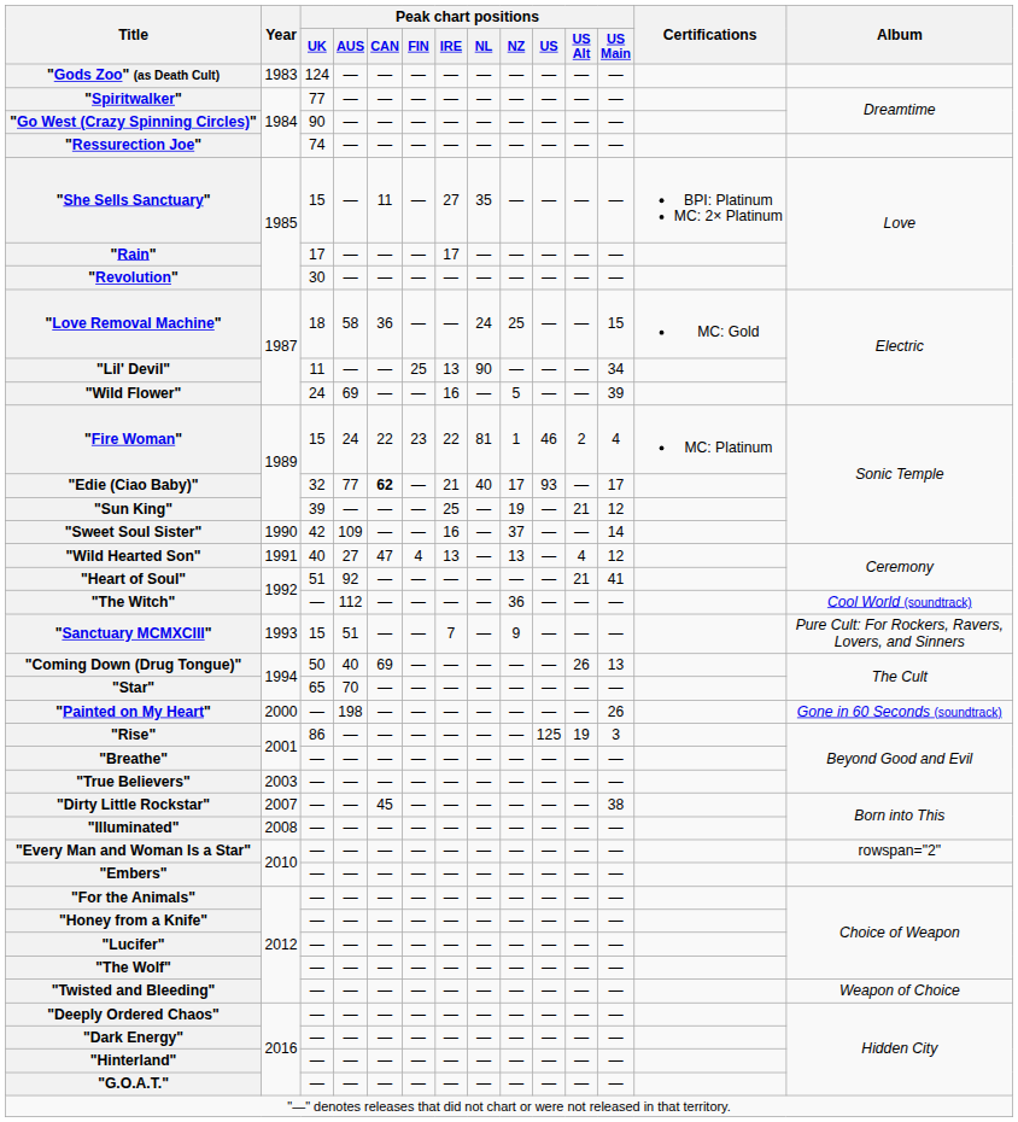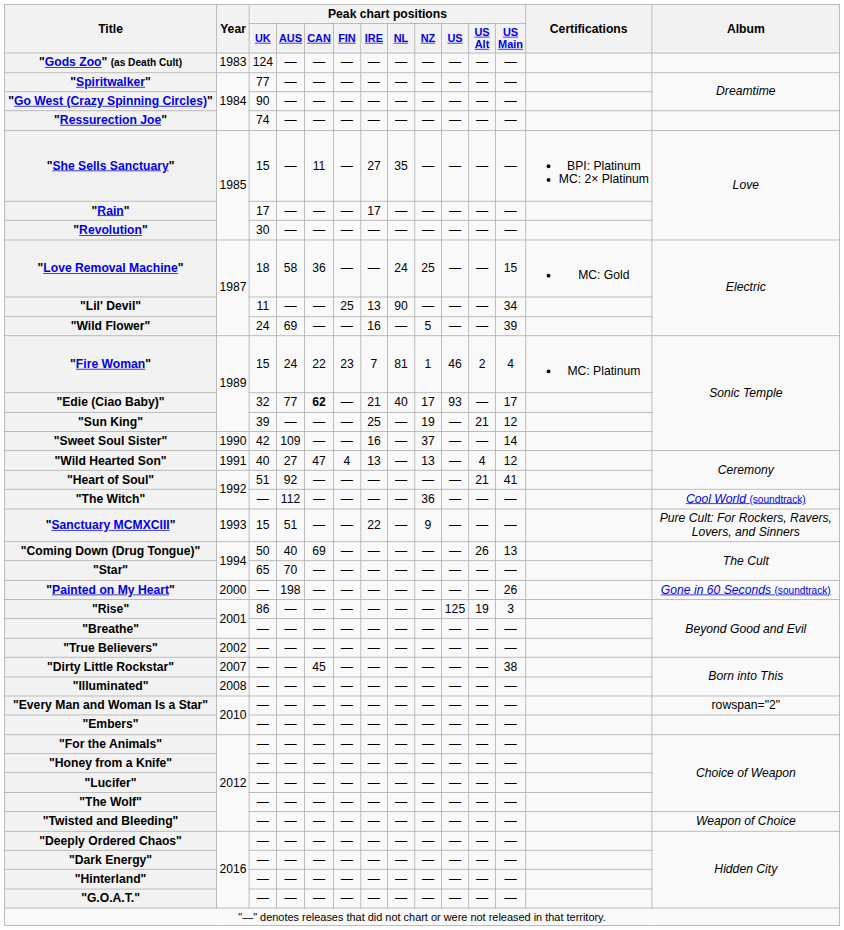 <table class="wikitable plainrowheaders" style="text-align:center;">
 <tr>
 <th rowspan="2" scope="col" style="width:17em;">Title</th>
 <th rowspan="2" scope="col" style="width:2em;">Year</th>
 <th colspan="10">Peak chart positions</th>
 <th rowspan="2">Certifications</th>
 <th rowspan="2"  style="width:15em;">Album</th>
 </tr>
 <tr>
 <th scope="col" style="width:2em;font-size:90%;"><a href='#'>UK</a><br></th>
 <th scope="col" style="width:2em;font-size:90%;"><a href='#'>AUS</a><br></th>
 <th scope="col" style="width:2em;font-size:90%;"><a href='#'>CAN</a><br></th>
 <th scope="col" style="width:2em;font-size:90%;"><a href='#'>FIN</a><br></th>
 <th scope="col" style="width:2em;font-size:90%;"><a href='#'>IRE</a><br></th>
 <th scope="col" style="width:2em;font-size:90%;"><a href='#'>NL</a><br></th>
 <th scope="col" style="width:2em;font-size:90%;"><a href='#'>NZ</a><br></th>
 <th scope="col" style="width:2em;font-size:90%;"><a href='#'>US</a><br></th>
 <th scope="col" style="width:2em;font-size:90%;"><a href='#'>US Alt</a><br></th>
 <th scope="col" style="width:2em;font-size:90%;"><a href='#'>US Main</a><br></th>
 </tr>
 <tr>
 <th scope="row">"<a href='#'>Gods Zoo</a>" <small>(as Death Cult)</small></th>
 <td>1983</td>
 <td>124</td>
 <td>—</td>
 <td>—</td>
 <td>—</td>
 <td>—</td>
 <td>—</td>
 <td>—</td>
 <td>—</td>
 <td>—</td>
 <td>—</td>
 <td></td>
 <td></td>
 </tr>
 <tr>
 <th scope="row">"<a href='#'>Spiritwalker</a>"</th>
 <td rowspan="3">1984</td>
 <td>77</td>
 <td>—</td>
 <td>—</td>
 <td>—</td>
 <td>—</td>
 <td>—</td>
 <td>—</td>
 <td>—</td>
 <td>—</td>
 <td>—</td>
 <td></td>
 <td rowspan="2"><em>Dreamtime</em></td>
 </tr>
 <tr>
 <th scope="row">"<a href='#'>Go West (Crazy Spinning Circles)</a>"</th>
 <td>90</td>
 <td>—</td>
 <td>—</td>
 <td>—</td>
 <td>—</td>
 <td>—</td>
 <td>—</td>
 <td>—</td>
 <td>—</td>
 <td>—</td>
 <td></td>
 </tr>
 <tr>
 <th scope="row">"<a href='#'>Ressurection Joe</a>"</th>
 <td>74</td>
 <td>—</td>
 <td>—</td>
 <td>—</td>
 <td>—</td>
 <td>—</td>
 <td>—</td>
 <td>—</td>
 <td>—</td>
 <td>—</td>
 <td></td>
 <td></td>
 </tr>
 <tr>
 <th scope="row">"<a href='#'>She Sells Sanctuary</a>"</th>
 <td rowspan="3">1985</td>
 <td>15</td>
 <td>—</td>
 <td>11</td>
 <td>—</td>
 <td>27</td>
 <td>35</td>
 <td>—</td>
 <td>—</td>
 <td>—</td>
 <td>—</td>
 <td><br><ul><li>BPI: Platinum</li><li>MC: 2× Platinum</li></ul></td>
 <td rowspan="3"><em>Love</em></td>
 </tr>
 <tr>
 <th scope="row">"<a href='#'>Rain</a>"</th>
 <td>17</td>
 <td>—</td>
 <td>—</td>
 <td>—</td>
 <td>17</td>
 <td>—</td>
 <td>—</td>
 <td>—</td>
 <td>—</td>
 <td>—</td>
 <td></td>
 </tr>
 <tr>
 <th scope="row">"<a href='#'>Revolution</a>"</th>
 <td>30</td>
 <td>—</td>
 <td>—</td>
 <td>—</td>
 <td>—</td>
 <td>—</td>
 <td>—</td>
 <td>—</td>
 <td>—</td>
 <td>—</td>
 <td></td>
 </tr>
 <tr>
 <th scope="row">"<a href='#'>Love Removal Machine</a>"</th>
 <td rowspan="3">1987</td>
 <td>18</td>
 <td>58</td>
 <td>36</td>
 <td>—</td>
 <td>—</td>
 <td>24</td>
 <td>25</td>
 <td>—</td>
 <td>—</td>
 <td>15</td>
 <td><br><ul><li>MC: Gold</li></ul></td>
 <td rowspan="3"><em>Electric</em></td>
 </tr>
 <tr>
 <th scope="row">"Lil' Devil"</th>
 <td>11</td>
 <td>—</td>
 <td>—</td>
 <td>25</td>
 <td>13</td>
 <td>90</td>
 <td>—</td>
 <td>—</td>
 <td>—</td>
 <td>34</td>
 <td></td>
 </tr>
 <tr>
 <th scope="row">"Wild Flower"</th>
 <td>24</td>
 <td>69</td>
 <td>—</td>
 <td>—</td>
 <td>16</td>
 <td>—</td>
 <td>5</td>
 <td>—</td>
 <td>—</td>
 <td>39</td>
 <td></td>
 </tr>
 <tr>
 <th scope="row">"<a href='#'>Fire Woman</a>"</th>
 <td rowspan="3">1989</td>
 <td>15</td>
 <td>24</td>
 <td>22</td>
 <td>23</td>
-<td>22</td>
+<td>7</td>
 <td>81</td>
 <td>1</td>
 <td>46</td>
 <td>2</td>
 <td>4</td>
 <td><br><ul><li>MC: Platinum</li></ul></td>
 <td rowspan="4"><em>Sonic Temple</em></td>
 </tr>
 <tr>
 <th scope="row">"Edie (Ciao Baby)"</th>
 <td>32</td>
 <td>77</td>
 <td><strong>62</strong></td>
 <td>—</td>
 <td>21</td>
 <td>40</td>
 <td>17</td>
 <td>93</td>
 <td>—</td>
 <td>17</td>
 <td></td>
 </tr>
 <tr>
 <th scope="row">"Sun King"</th>
 <td>39</td>
 <td>—</td>
 <td>—</td>
 <td>—</td>
 <td>25</td>
 <td>—</td>
 <td>19</td>
 <td>—</td>
 <td>21</td>
 <td>12</td>
 <td></td>
 </tr>
 <tr>
 <th scope="row">"Sweet Soul Sister"</th>
 <td>1990</td>
 <td>42</td>
 <td>109</td>
 <td>—</td>
 <td>—</td>
 <td>16</td>
 <td>—</td>
 <td>37</td>
 <td>—</td>
 <td>—</td>
 <td>14</td>
 <td></td>
 </tr>
 <tr>
 <th scope="row">"Wild Hearted Son"</th>
 <td>1991</td>
 <td>40</td>
 <td>27</td>
 <td>47</td>
 <td>4</td>
 <td>13</td>
 <td>—</td>
 <td>13</td>
 <td>—</td>
 <td>4</td>
 <td>12</td>
 <td></td>
 <td rowspan="2"><em>Ceremony</em></td>
 </tr>
 <tr>
 <th scope="row">"Heart of Soul"</th>
 <td rowspan="2">1992</td>
 <td>51</td>
 <td>92</td>
 <td>—</td>
 <td>—</td>
 <td>—</td>
 <td>—</td>
 <td>—</td>
 <td>—</td>
 <td>21</td>
 <td>41</td>
 <td></td>
 </tr>
 <tr>
 <th scope="row">"The Witch"</th>
 <td>—</td>
 <td>112</td>
 <td>—</td>
 <td>—</td>
 <td>—</td>
 <td>—</td>
 <td>36</td>
 <td>—</td>
 <td>—</td>
 <td>—</td>
 <td></td>
 <td><a href='#'><em>Cool World</em> <small>(soundtrack)</small></a></td>
 </tr>
 <tr>
 <th scope="row">"<a href='#'>Sanctuary MCMXCIII</a>"</th>
 <td>1993</td>
 <td>15</td>
 <td>51</td>
 <td>—</td>
 <td>—</td>
-<td>7</td>
+<td>22</td>
 <td>—</td>
 <td>9</td>
 <td>—</td>
 <td>—</td>
 <td>—</td>
 <td></td>
 <td><em>Pure Cult: For Rockers, Ravers, Lovers, and Sinners</em></td>
 </tr>
 <tr>
 <th scope="row">"Coming Down (Drug Tongue)"</th>
 <td rowspan="2">1994</td>
 <td>50</td>
 <td>40</td>
 <td>69</td>
 <td>—</td>
 <td>—</td>
 <td>—</td>
 <td>—</td>
 <td>—</td>
 <td>26</td>
 <td>13</td>
 <td></td>
 <td rowspan="2"><em>The Cult</em></td>
 </tr>
 <tr>
 <th scope="row">"Star"</th>
 <td>65</td>
 <td>70</td>
 <td>—</td>
 <td>—</td>
 <td>—</td>
 <td>—</td>
 <td>—</td>
 <td>—</td>
 <td>—</td>
 <td>—</td>
 <td></td>
 </tr>
 <tr>
 <th scope="row">"<a href='#'>Painted on My Heart</a>"</th>
 <td>2000</td>
 <td>—</td>
 <td>198</td>
 <td>—</td>
 <td>—</td>
 <td>—</td>
 <td>—</td>
 <td>—</td>
 <td>—</td>
 <td>—</td>
 <td>26</td>
 <td></td>
 <td><a href='#'><em>Gone in 60 Seconds</em> <small>(soundtrack)</small></a></td>
 </tr>
 <tr>
 <th scope="row">"Rise"</th>
 <td rowspan="2">2001</td>
 <td>86</td>
 <td>—</td>
 <td>—</td>
 <td>—</td>
 <td>—</td>
 <td>—</td>
 <td>—</td>
 <td>125</td>
 <td>19</td>
 <td>3</td>
 <td></td>
 <td rowspan="3"><em>Beyond Good and Evil</em></td>
 </tr>
 <tr>
 <th scope="row">"Breathe"</th>
 <td>—</td>
 <td>—</td>
 <td>—</td>
 <td>—</td>
 <td>—</td>
 <td>—</td>
 <td>—</td>
 <td>—</td>
 <td>—</td>
 <td>—</td>
 <td></td>
 </tr>
 <tr>
 <th scope="row">"True Believers"</th>
-<td>2003</td>
+<td>2002</td>
 <td>—</td>
 <td>—</td>
 <td>—</td>
 <td>—</td>
 <td>—</td>
 <td>—</td>
 <td>—</td>
 <td>—</td>
 <td>—</td>
 <td>—</td>
 <td></td>
 </tr>
 <tr>
 <th scope="row">"Dirty Little Rockstar"</th>
 <td>2007</td>
 <td>—</td>
 <td>—</td>
 <td>45</td>
 <td>—</td>
 <td>—</td>
 <td>—</td>
 <td>—</td>
 <td>—</td>
 <td>—</td>
 <td>38</td>
 <td></td>
 <td rowspan="2"><em>Born into This</em></td>
 </tr>
 <tr>
 <th scope="row">"Illuminated"</th>
 <td>2008</td>
 <td>—</td>
 <td>—</td>
 <td>—</td>
 <td>—</td>
 <td>—</td>
 <td>—</td>
 <td>—</td>
 <td>—</td>
 <td>—</td>
 <td>—</td>
 <td></td>
 </tr>
 <tr>
 <th scope="row">"Every Man and Woman Is a Star"</th>
 <td rowspan="2">2010</td>
 <td>—</td>
 <td>—</td>
 <td>—</td>
 <td>—</td>
 <td>—</td>
 <td>—</td>
 <td>—</td>
 <td>—</td>
 <td>—</td>
 <td>—</td>
 <td></td>
 <td>rowspan="2" </td>
 </tr>
 <tr>
 <th scope="row">"Embers"</th>
 <td>—</td>
 <td>—</td>
 <td>—</td>
 <td>—</td>
 <td>—</td>
 <td>—</td>
 <td>—</td>
 <td>—</td>
 <td>—</td>
 <td>—</td>
 <td></td>
 </tr>
 <tr>
 <th scope="row">"For the Animals"</th>
 <td rowspan="5">2012</td>
 <td>—</td>
 <td>—</td>
 <td>—</td>
 <td>—</td>
 <td>—</td>
 <td>—</td>
 <td>—</td>
 <td>—</td>
 <td>—</td>
 <td>—</td>
 <td></td>
 <td rowspan="4"><em>Choice of Weapon</em></td>
 </tr>
 <tr>
 <th scope="row">"Honey from a Knife"</th>
 <td>—</td>
 <td>—</td>
 <td>—</td>
 <td>—</td>
 <td>—</td>
 <td>—</td>
 <td>—</td>
 <td>—</td>
 <td>—</td>
 <td>—</td>
 <td></td>
 </tr>
 <tr>
 <th scope="row">"Lucifer"</th>
 <td>—</td>
 <td>—</td>
 <td>—</td>
 <td>—</td>
 <td>—</td>
 <td>—</td>
 <td>—</td>
 <td>—</td>
 <td>—</td>
 <td>—</td>
 <td></td>
 </tr>
 <tr>
 <th scope="row">"The Wolf"</th>
 <td>—</td>
 <td>—</td>
 <td>—</td>
 <td>—</td>
 <td>—</td>
 <td>—</td>
 <td>—</td>
 <td>—</td>
 <td>—</td>
 <td>—</td>
 <td></td>
 </tr>
 <tr>
 <th scope="row">"Twisted and Bleeding"</th>
 <td>—</td>
 <td>—</td>
 <td>—</td>
 <td>—</td>
 <td>—</td>
 <td>—</td>
 <td>—</td>
 <td>—</td>
 <td>—</td>
 <td>—</td>
 <td></td>
 <td><em>Weapon of Choice</em></td>
 </tr>
 <tr>
 <th scope="row">"Deeply Ordered Chaos"</th>
 <td rowspan="4">2016</td>
 <td>—</td>
 <td>—</td>
 <td>—</td>
 <td>—</td>
 <td>—</td>
 <td>—</td>
 <td>—</td>
 <td>—</td>
 <td>—</td>
 <td>—</td>
 <td></td>
 <td rowspan="4"><em>Hidden City</em></td>
 </tr>
 <tr>
 <th scope="row">"Dark Energy"</th>
 <td>—</td>
 <td>—</td>
 <td>—</td>
 <td>—</td>
 <td>—</td>
 <td>—</td>
 <td>—</td>
 <td>—</td>
 <td>—</td>
 <td>—</td>
 <td></td>
 </tr>
 <tr>
 <th scope="row">"Hinterland"</th>
 <td>—</td>
 <td>—</td>
 <td>—</td>
 <td>—</td>
 <td>—</td>
 <td>—</td>
 <td>—</td>
 <td>—</td>
 <td>—</td>
 <td>—</td>
 <td></td>
 </tr>
 <tr>
 <th scope="row">"G.O.A.T."</th>
 <td>—</td>
 <td>—</td>
 <td>—</td>
 <td>—</td>
 <td>—</td>
 <td>—</td>
 <td>—</td>
 <td>—</td>
 <td>—</td>
 <td>—</td>
 <td></td>
 </tr>
 <tr>
 <td colspan="14" style="font-size:90%">"—" denotes releases that did not chart or were not released in that territory.</td>
 </tr>
 </table>
